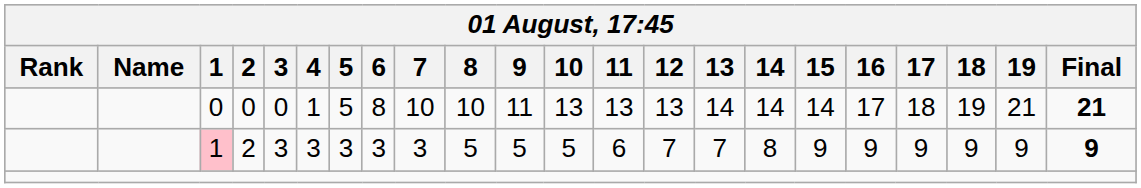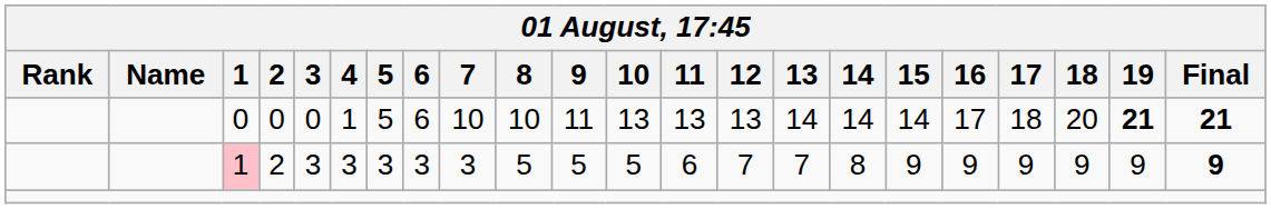 <table class=wikitable style="text-align:center; width: 55%">
 <tr>
 <th colspan=25><em>01 August, 17:45</em></th>
 </tr>
 <tr>
 <th>Rank</th>
 <th>Name</th>
 <th>1</th>
 <th>2</th>
 <th>3</th>
 <th>4</th>
 <th>5</th>
 <th>6</th>
 <th>7</th>
 <th>8</th>
 <th>9</th>
 <th>10</th>
 <th>11</th>
 <th>12</th>
 <th>13</th>
 <th>14</th>
 <th>15</th>
 <th>16</th>
 <th>17</th>
 <th>18</th>
 <th>19</th>
 <th>Final</th>
 </tr>
 <tr>
 <td></td>
 <td align=left><strong></strong></td>
 <td>0</td>
 <td>0</td>
 <td>0</td>
 <td>1</td>
 <td>5</td>
-<td>8</td>
+<td>6</td>
 <td>10</td>
 <td>10</td>
 <td>11</td>
 <td>13</td>
 <td>13</td>
 <td>13</td>
 <td>14</td>
 <td>14</td>
 <td>14</td>
 <td>17</td>
 <td>18</td>
-<td>19</td>
-<td>21</td>
+<td>20</td>
+<td><strong>21</strong></td>
 <td><strong>21</strong></td>
 </tr>
 <tr>
 <td></td>
 <td align=left></td>
 <td style="background: pink;">1</td>
 <td>2</td>
 <td>3</td>
 <td>3</td>
 <td>3</td>
 <td>3</td>
 <td>3</td>
 <td>5</td>
 <td>5</td>
 <td>5</td>
 <td>6</td>
 <td>7</td>
 <td>7</td>
 <td>8</td>
 <td>9</td>
 <td>9</td>
 <td>9</td>
 <td>9</td>
 <td>9</td>
 <td><strong>9</strong></td>
 </tr>
 <tr>
 <td colspan=25></td>
 </tr>
 </table>
